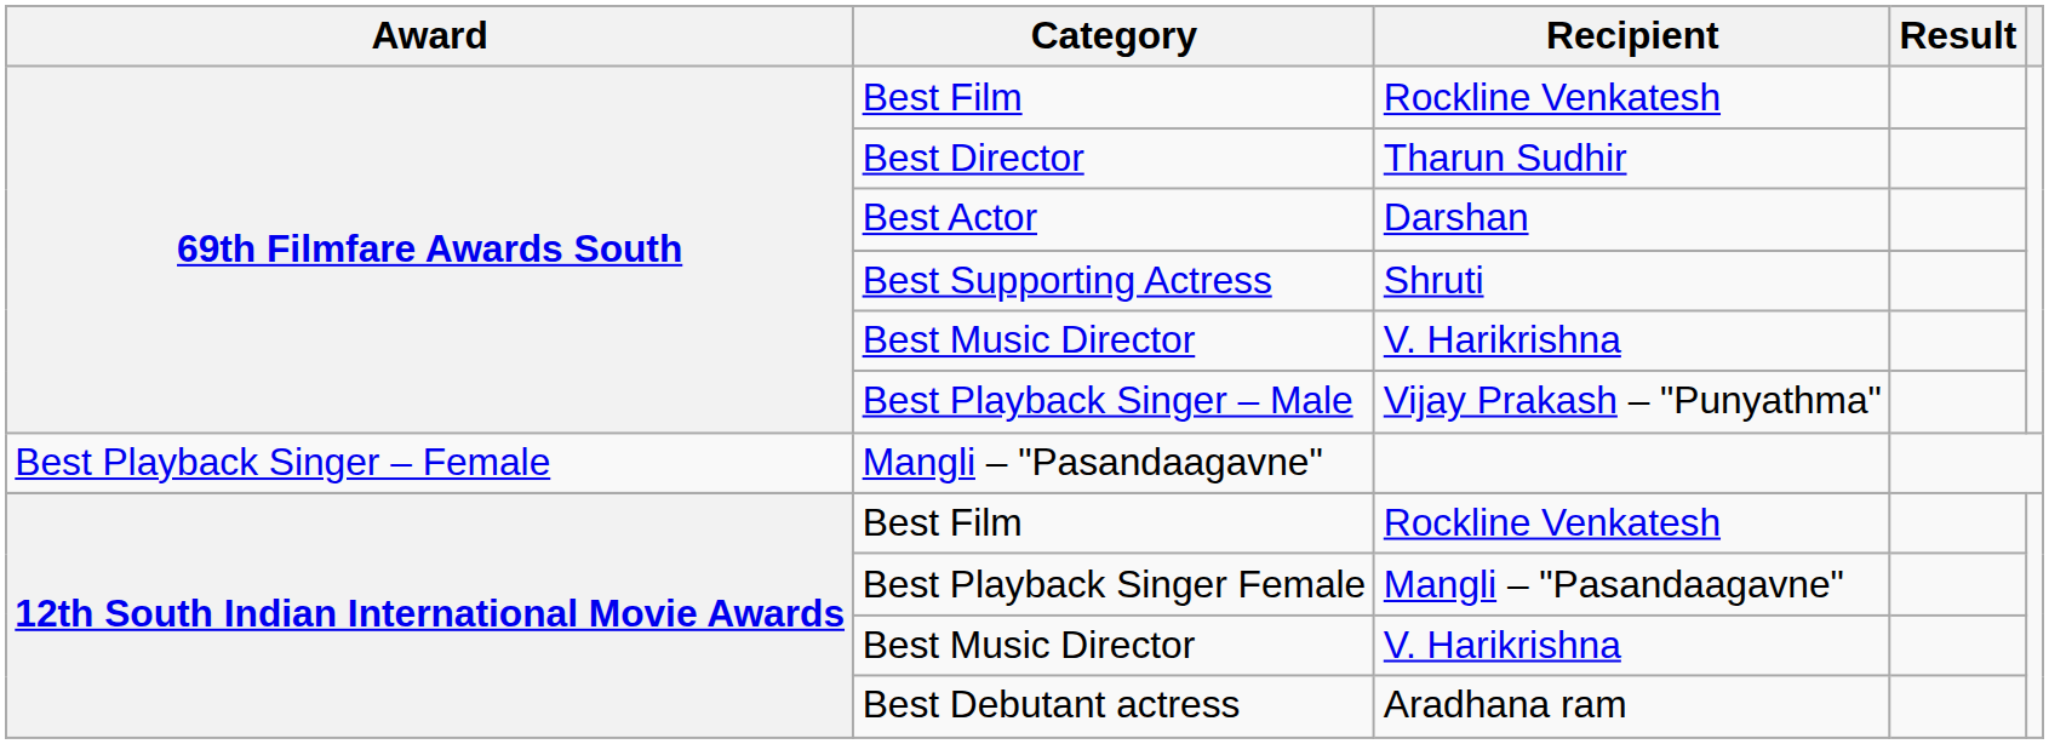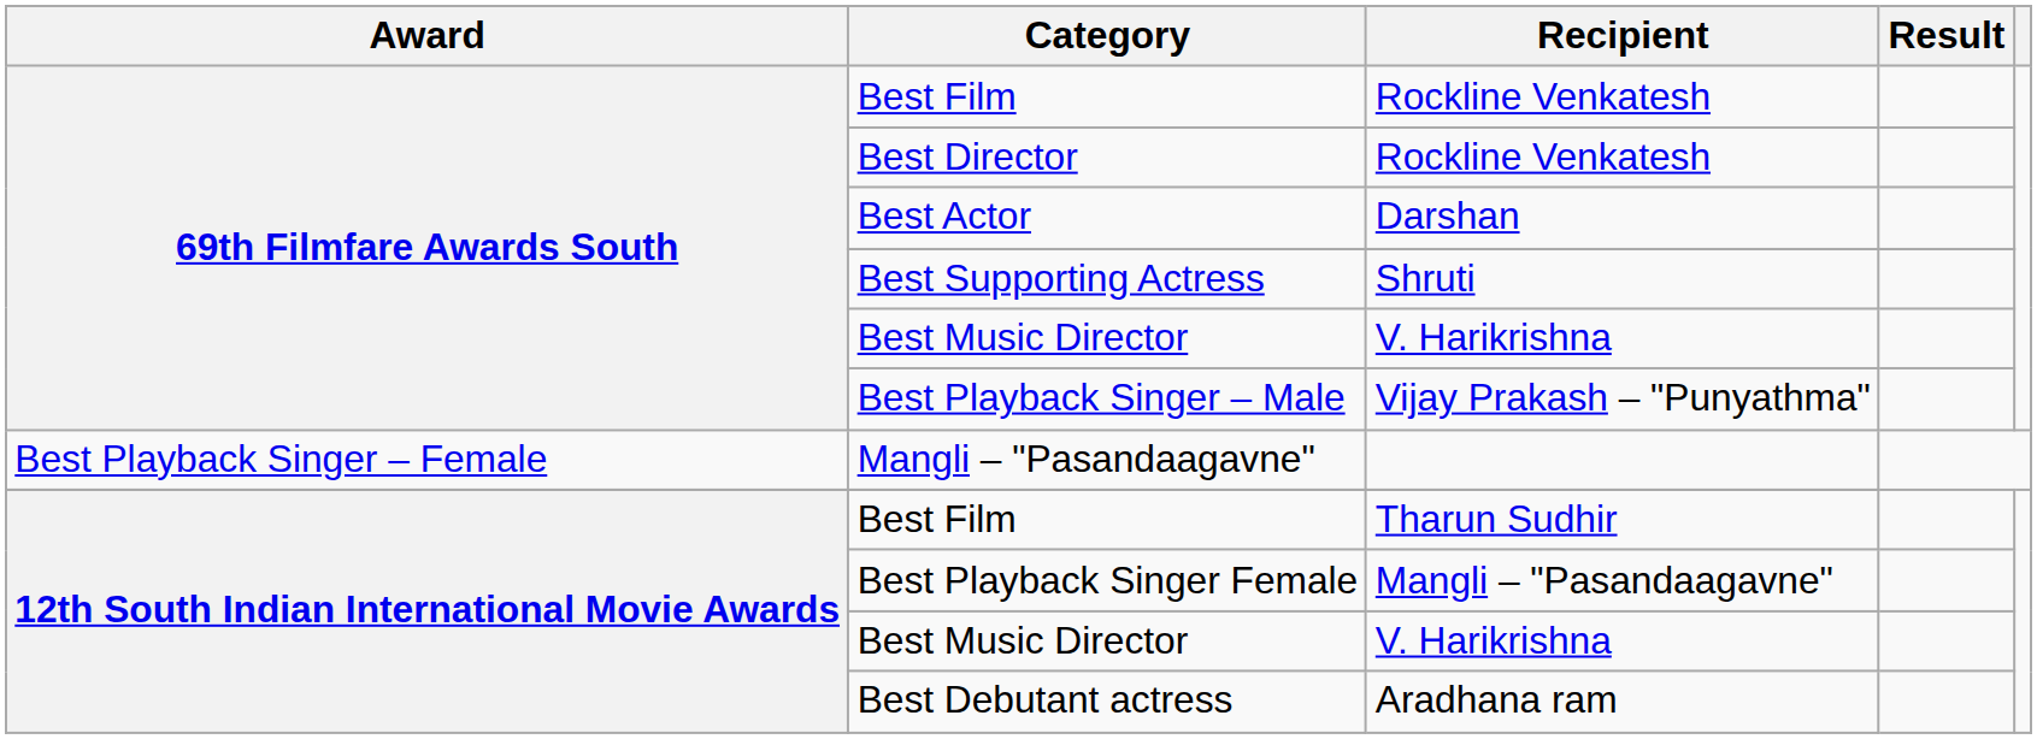 <table class="wikitable sortable">
 <tr>
 <th>Award</th>
 <th>Category</th>
 <th>Recipient</th>
 <th>Result</th>
 <th class="unsortable"></th>
 </tr>
 <tr>
 <th rowspan=7><a href='#'>69th Filmfare Awards South</a></th>
 <td><a href='#'>Best Film</a></td>
 <td><a href='#'>Rockline Venkatesh</a></td>
 <td></td>
 <td style="text-align: center;" rowspan=7><br><br></td>
 </tr>
 <tr>
 <td><a href='#'>Best Director</a></td>
-<td><a href='#'>Tharun Sudhir</a></td>
+<td><a href='#'>Rockline Venkatesh</a></td>
 <td></td>
 </tr>
 <tr>
 <td><a href='#'>Best Actor</a></td>
 <td><a href='#'>Darshan</a></td>
 <td></td>
 </tr>
 <tr>
 </tr>
 <tr>
 <td><a href='#'>Best Supporting Actress</a></td>
 <td><a href='#'>Shruti</a></td>
 <td></td>
 </tr>
 <tr>
 <td><a href='#'>Best Music Director</a></td>
 <td><a href='#'>V. Harikrishna</a></td>
 <td></td>
 </tr>
 <tr>
 <td><a href='#'>Best Playback Singer – Male</a></td>
 <td><a href='#'>Vijay Prakash</a> – "Punyathma"</td>
 <td></td>
 </tr>
 <tr>
 <td><a href='#'>Best Playback Singer – Female</a></td>
 <td><a href='#'>Mangli</a> – "Pasandaagavne"</td>
 <td></td>
 </tr>
 <tr>
 </tr>
 <tr>
 <th rowspan=4><a href='#'>12th South Indian International Movie Awards</a></th>
 <td>Best Film</td>
-<td><a href='#'>Rockline Venkatesh</a></td>
+<td><a href='#'>Tharun Sudhir</a></td>
 <td></td>
 <td style="text-align: center;" rowspan=4></td>
 </tr>
 <tr>
 <td>Best Playback Singer Female</td>
 <td><a href='#'>Mangli</a> – "Pasandaagavne"</td>
 <td></td>
 </tr>
 <tr>
 <td>Best Music Director</td>
 <td><a href='#'>V. Harikrishna</a></td>
 <td></td>
 </tr>
 <tr>
 <td>Best Debutant actress</td>
 <td>Aradhana ram</td>
 <td></td>
 </tr>
 </table>
